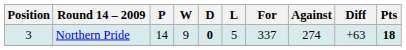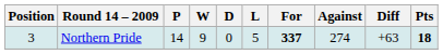 <table class="wikitable" style="text-align:center; font-size:85%;">
 <tr>
 <th width=40 abbr="Position">Position</th>
 <th width=100>Round 14 – 2009</th>
 <th width=20 abbr="Played">P</th>
 <th width=20 abbr="Won">W</th>
 <th width=20 abbr="Drawn">D</th>
 <th width=20 abbr="Lost">L</th>
 <th width=40 abbr="Points for">For</th>
 <th width=40 abbr="Points against">Against</th>
 <th width=40 abbr="Points difference">Diff</th>
 <th width=20 abbr="Points">Pts</th>
 </tr>
 <tr style="background: #d7ebed;">
 <td>3</td>
 <td style="text-align:left;"> <a href='#'>Northern Pride</a></td>
 <td>14</td>
 <td>9</td>
-<td><strong>0</strong></td>
+<td>0</td>
 <td>5</td>
-<td>337</td>
+<td><strong>337</strong></td>
 <td>274</td>
 <td>+63</td>
 <td><strong>18</strong></td>
 </tr>
 <tr>
 </tr>
 </table>
